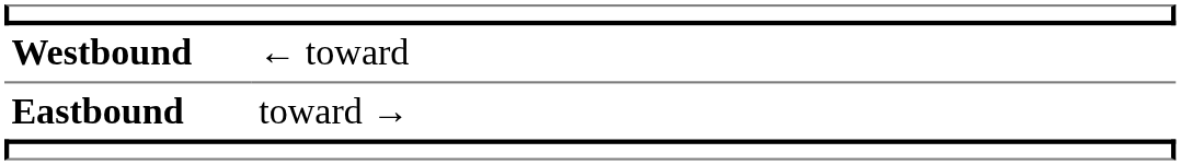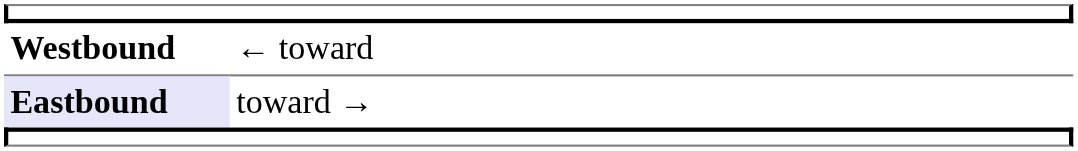 <table border=0 cellspacing=0 cellpadding=3>
 <tr>
 <td style="border-top:solid 1px gray;border-right:solid 2px black;border-left:solid 2px black;border-bottom:solid 2px black;text-align:center;" colspan=2></td>
 </tr>
 <tr>
 <td style="border-bottom:solid 1px gray;" width=100><strong>Westbound</strong></td>
 <td style="border-bottom:solid 1px gray;" width=390>←   toward  </td>
 </tr>
 <tr>
-<td><strong>Eastbound</strong></td>
+<td style="background: lavender;"><strong>Eastbound</strong></td>
 <td>   toward   →</td>
 </tr>
 <tr>
 <td style="border-top:solid 2px black;border-right:solid 2px black;border-left:solid 2px black;border-bottom:solid 1px gray;text-align:center;" colspan=2></td>
 </tr>
 </table>
